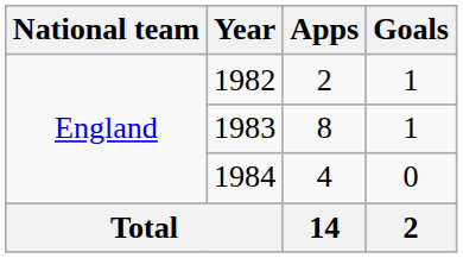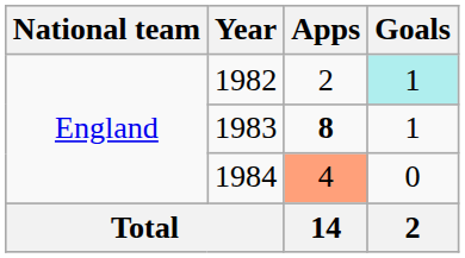 <table class="wikitable" style="text-align:center">
 <tr>
 <th>National team</th>
 <th>Year</th>
 <th>Apps</th>
 <th>Goals</th>
 </tr>
 <tr>
 <td rowspan="3"><a href='#'>England</a></td>
 <td>1982</td>
 <td>2</td>
-<td>1</td>
+<td style="background: paleturquoise;">1</td>
 </tr>
 <tr>
 <td>1983</td>
-<td>8</td>
+<td><strong>8</strong></td>
 <td>1</td>
 </tr>
 <tr>
 <td>1984</td>
-<td>4</td>
+<td style="background: lightsalmon;">4</td>
 <td>0</td>
 </tr>
 <tr>
 <th colspan="2">Total</th>
 <th>14</th>
 <th>2</th>
 </tr>
 </table>
